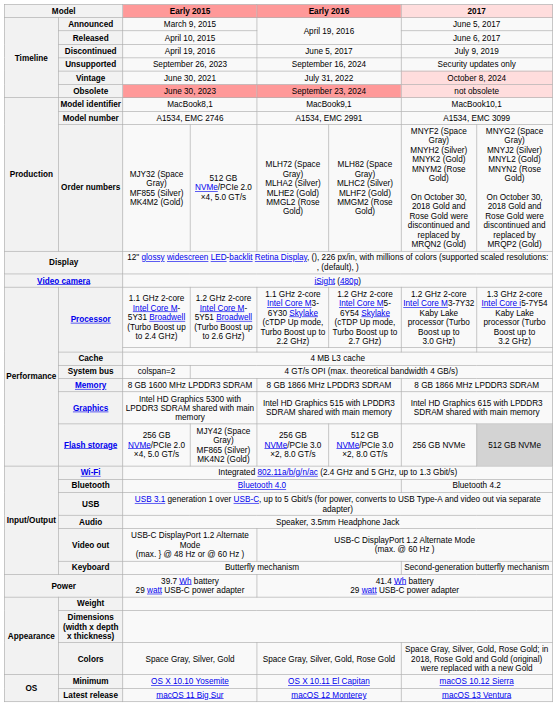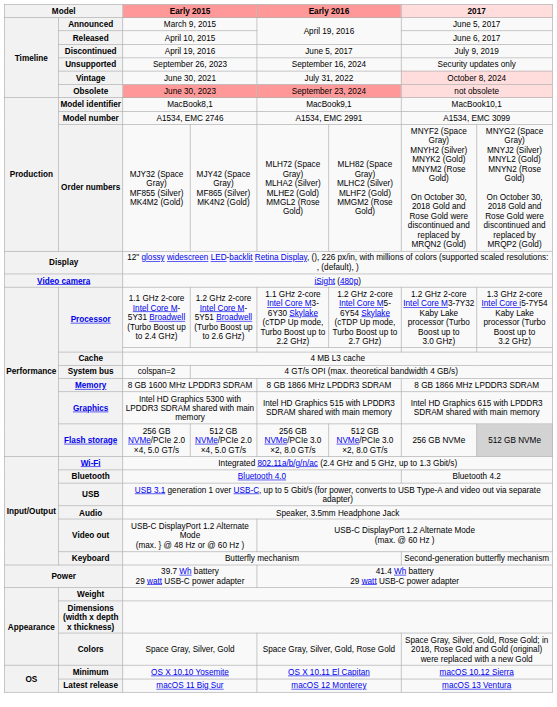 <table class="wikitable mw-collapsible" style="font-size:small; text-align:center">
 <tr>
 <th colspan=2>Model</th>
 <th colspan=2 style="background:#F99">Early 2015</th>
 <th colspan=2 style="background:#F99">Early 2016</th>
 <th colspan=2 style="background:#FDD">2017</th>
 </tr>
 <tr>
 <th rowspan=6>Timeline</th>
 <th>Announced</th>
 <td colspan=2>March 9, 2015</td>
 <td colspan=2 rowspan=2>April 19, 2016</td>
 <td colspan=2>June 5, 2017</td>
 </tr>
 <tr>
 <th>Released</th>
 <td colspan=2>April 10, 2015</td>
 <td colspan=2>June 6, 2017</td>
 </tr>
 <tr>
 <th>Discontinued</th>
 <td colspan=2>April 19, 2016</td>
 <td colspan=2>June 5, 2017</td>
 <td colspan=2>July 9, 2019</td>
 </tr>
 <tr>
 <th>Unsupported</th>
 <td colspan="2">September 26, 2023</td>
 <td colspan="2">September 16, 2024</td>
 <td colspan="2">Security updates only</td>
 </tr>
 <tr>
 <th>Vintage</th>
 <td colspan=2>June 30, 2021</td>
 <td colspan=2>July 31, 2022</td>
 <td colspan=2 style="background:#FDD">October 8, 2024</td>
 </tr>
 <tr>
 <th>Obsolete</th>
 <td colspan=2 style="background:#F99">June 30, 2023</td>
 <td colspan=2 style="background:#F99">September 23, 2024</td>
 <td colspan=2 style="background:#FDD">not obsolete</td>
 </tr>
 <tr>
 <th rowspan=3>Production</th>
 <th>Model identifier</th>
 <td colspan=2>MacBook8,1</td>
 <td colspan=2>MacBook9,1</td>
 <td colspan=2>MacBook10,1</td>
 </tr>
 <tr>
 <th>Model number</th>
 <td colspan=2>A1534, EMC 2746</td>
 <td colspan=2>A1534, EMC 2991</td>
 <td colspan=2>A1534, EMC 3099</td>
 </tr>
 <tr>
 <th>Order numbers</th>
 <td>MJY32 (Space Gray)<br>MF855 (Silver)<br>MK4M2 (Gold)</td>
-<td>512 GB <a href='#'>NVMe</a>/PCIe 2.0 ×4, 5.0 GT/s</td>
+<td>MJY42 (Space Gray)<br>MF865 (Silver)<br>MK4N2 (Gold)</td>
 <td>MLH72 (Space Gray)<br>MLHA2 (Silver)<br>MLHE2 (Gold)<br>MMGL2 (Rose Gold)</td>
 <td>MLH82 (Space Gray)<br>MLHC2 (Silver)<br>MLHF2 (Gold)<br>MMGM2 (Rose Gold)</td>
 <td>MNYF2 (Space Gray)<br>MNYH2 (Silver)<br>MNYK2 (Gold)<br>MNYM2 (Rose Gold)<br><br>On October 30, 2018 Gold and Rose Gold were discontinued and replaced by MRQN2 (Gold)</td>
 <td>MNYG2 (Space Gray)<br>MNYJ2 (Silver)<br>MNYL2 (Gold)<br>MNYN2 (Rose Gold)<br><br>On October 30, 2018 Gold and Rose Gold were discontinued and replaced by MRQP2 (Gold)</td>
 </tr>
 <tr>
 <th colspan=2>Display</th>
 <td colspan=6>12" <a href='#'>glossy</a> <a href='#'>widescreen</a> <a href='#'>LED</a>-<a href='#'>backlit</a> <a href='#'>Retina Display</a>,  (), 226 px/in, with millions of colors (supported scaled resolutions: ,  (default), )</td>
 </tr>
 <tr>
 <th colspan=2><a href='#'>Video camera</a></th>
 <td colspan=6><a href='#'>iSight</a> (<a href='#'>480p</a>)</td>
 </tr>
 <tr>
 <th rowspan=7>Performance</th>
 <th rowspan=2><a href='#'>Processor</a></th>
 <td>1.1 GHz 2-core <a href='#'>Intel Core M</a>-5Y31 <a href='#'>Broadwell</a> (Turbo Boost up to 2.4 GHz)</td>
 <td>1.2 GHz 2-core <a href='#'>Intel Core M</a>-5Y51 <a href='#'>Broadwell</a> (Turbo Boost up to 2.6 GHz)</td>
 <td>1.1 GHz 2-core <a href='#'>Intel Core M</a>3-6Y30 <a href='#'>Skylake</a> (cTDP Up mode, Turbo Boost up to 2.2 GHz)</td>
 <td>1.2 GHz 2-core <a href='#'>Intel Core M</a>5-6Y54 <a href='#'>Skylake</a> (cTDP Up mode, Turbo Boost up to 2.7 GHz)</td>
 <td>1.2 GHz 2-core <a href='#'>Intel Core M</a>3-7Y32 Kaby Lake processor (Turbo Boost up to 3.0 GHz)</td>
 <td>1.3 GHz 2-core <a href='#'>Intel Core i</a>5-7Y54 Kaby Lake processor (Turbo Boost up to 3.2 GHz)</td>
 </tr>
 <tr>
 <td colspan=2><em></em></td>
 <td colspan=2><em></em></td>
 <td><em></em></td>
 <td><em></em></td>
 </tr>
 <tr>
 <th>Cache</th>
 <td colspan=6>4 MB L3 cache</td>
 </tr>
 <tr>
 <th>System bus</th>
 <td>colspan=2 </td>
 <td colspan=5>4 GT/s OPI (max. theoretical bandwidth 4 GB/s)</td>
 </tr>
 <tr>
 <th><a href='#'>Memory</a></th>
 <td colspan=2>8 GB 1600 MHz LPDDR3 SDRAM</td>
 <td colspan=2>8 GB 1866 MHz LPDDR3 SDRAM</td>
 <td colspan=2>8 GB 1866 MHz LPDDR3 SDRAM<br><em></em></td>
 </tr>
 <tr>
 <th><a href='#'>Graphics</a></th>
 <td colspan=2>Intel HD Graphics 5300 with LPDDR3 SDRAM shared with main memory</td>
 <td colspan=2>Intel HD Graphics 515 with LPDDR3 SDRAM shared with main memory</td>
 <td colspan=2>Intel HD Graphics 615 with LPDDR3 SDRAM shared with main memory</td>
 </tr>
 <tr>
 <th><a href='#'>Flash storage</a></th>
 <td>256 GB <a href='#'>NVMe</a>/PCIe 2.0 ×4, 5.0 GT/s</td>
-<td>MJY42 (Space Gray)<br>MF865 (Silver)<br>MK4N2 (Gold)</td>
+<td>512 GB <a href='#'>NVMe</a>/PCIe 2.0 ×4, 5.0 GT/s</td>
 <td>256 GB <a href='#'>NVMe</a>/PCIe 3.0 ×2, 8.0 GT/s</td>
 <td>512 GB <a href='#'>NVMe</a>/PCIe 3.0 ×2, 8.0 GT/s</td>
 <td>256 GB NVMe</td>
 <td style="background: lightgrey;">512 GB NVMe</td>
 </tr>
 <tr>
 <th rowspan=6>Input/Output</th>
 <th><a href='#'>Wi-Fi</a></th>
 <td colspan=6>Integrated <a href='#'>802.11a/b/g/n/ac</a> (2.4 GHz and 5 GHz, up to 1.3 Gbit/s)</td>
 </tr>
 <tr>
 <th>Bluetooth</th>
 <td colspan=4><a href='#'>Bluetooth 4.0</a></td>
 <td colspan=2>Bluetooth 4.2</td>
 </tr>
 <tr>
 <th>USB</th>
 <td colspan=6><a href='#'>USB 3.1</a> generation 1 over <a href='#'>USB-C</a>, up to 5 Gbit/s (for power, converts to USB Type-A and video out via separate adapter)</td>
 </tr>
 <tr>
 <th>Audio</th>
 <td colspan=6>Speaker, 3.5mm Headphone Jack</td>
 </tr>
 <tr>
 <th>Video out</th>
 <td colspan=2>USB-C DisplayPort 1.2 Alternate Mode<br>(max. } @ 48 Hz or  @ 60 Hz )</td>
 <td colspan=4>USB-C DisplayPort 1.2 Alternate Mode<br>(max.  @ 60 Hz )</td>
 </tr>
 <tr>
 <th>Keyboard</th>
 <td colspan=4>Butterfly mechanism</td>
 <td colspan=2>Second-generation butterfly mechanism</td>
 </tr>
 <tr>
 <th colspan=2>Power</th>
 <td colspan=2>39.7 <a href='#'>Wh</a> battery<br>29 <a href='#'>watt</a> USB-C power adapter</td>
 <td colspan=4>41.4 <a href='#'>Wh</a> battery<br>29 <a href='#'>watt</a> USB-C power adapter</td>
 </tr>
 <tr>
 <th rowspan=3>Appearance</th>
 <th>Weight</th>
 <td colspan=6></td>
 </tr>
 <tr>
 <th>Dimensions (width x depth x thickness)</th>
 <td colspan=6></td>
 </tr>
 <tr>
 <th>Colors</th>
 <td colspan=2>Space Gray, Silver, Gold</td>
 <td colspan=2>Space Gray, Silver, Gold, Rose Gold</td>
 <td colspan=2>Space Gray, Silver, Gold, Rose Gold; in 2018, Rose Gold and Gold (original) were replaced with a new Gold</td>
 </tr>
 <tr>
 <th rowspan=2>OS</th>
 <th>Minimum</th>
 <td colspan=2><a href='#'>OS X 10.10 Yosemite</a></td>
 <td colspan=2><a href='#'>OS X 10.11 El Capitan</a></td>
 <td colspan=2><a href='#'>macOS 10.12 Sierra</a></td>
 </tr>
 <tr>
 <th>Latest release</th>
 <td colspan=2><a href='#'>macOS 11 Big Sur</a></td>
 <td colspan=2><a href='#'>macOS 12 Monterey</a></td>
 <td colspan=2><a href='#'>macOS 13 Ventura</a></td>
 </tr>
 </table>
